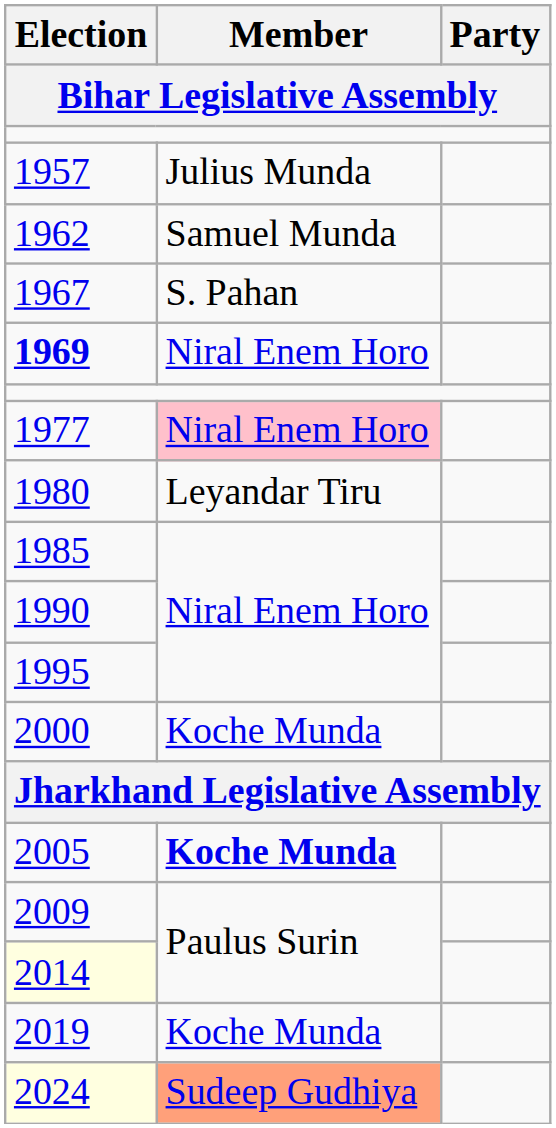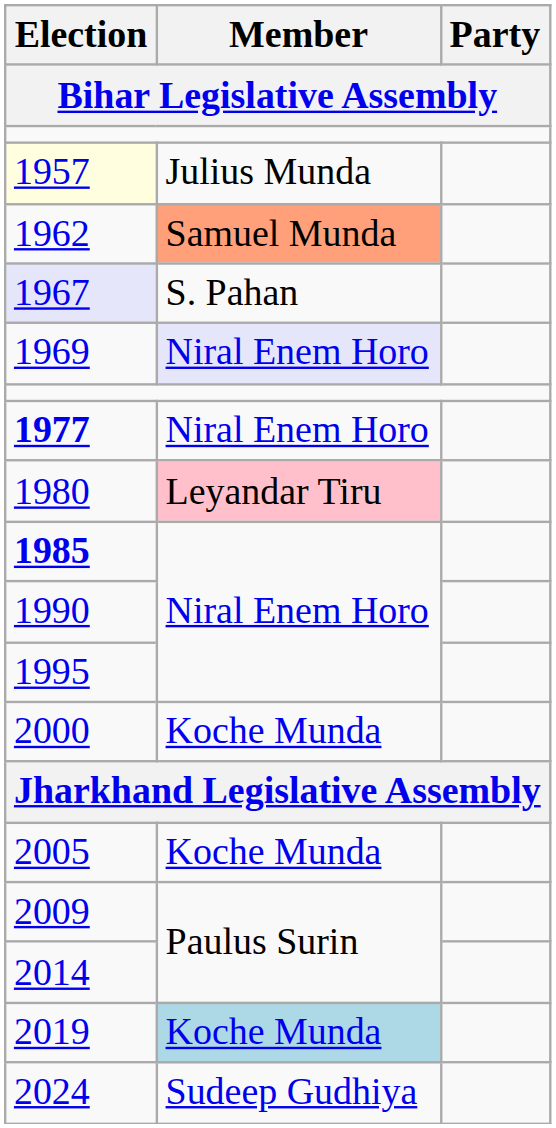 <table class="wikitable sortable">
 <tr>
 <th>Election</th>
 <th>Member</th>
 <th colspan=2>Party</th>
 </tr>
 <tr>
 <th colspan=4><a href='#'>Bihar Legislative Assembly</a></th>
 </tr>
 <tr>
 <td colspan="4"></td>
 </tr>
 <tr>
-<td><a href='#'>1957</a></td>
+<td style="background: lightyellow;"><a href='#'>1957</a></td>
 <td>Julius Munda</td>
 <td></td>
 </tr>
 <tr>
 <td><a href='#'>1962</a></td>
-<td>Samuel Munda</td>
+<td style="background: lightsalmon;">Samuel Munda</td>
 <td></td>
 </tr>
 <tr>
-<td><a href='#'>1967</a></td>
+<td style="background: lavender;"><a href='#'>1967</a></td>
 <td>S. Pahan</td>
 <td></td>
 </tr>
 <tr>
-<td><strong><a href='#'>1969</a></strong></td>
-<td><a href='#'>Niral Enem Horo</a></td>
+<td><a href='#'>1969</a></td>
+<td style="background: lavender;"><a href='#'>Niral Enem Horo</a></td>
 <td></td>
 </tr>
 <tr>
 <td colspan="4"></td>
 </tr>
 <tr>
-<td><a href='#'>1977</a></td>
-<td style="background: pink;"><a href='#'>Niral Enem Horo</a></td>
+<td><strong><a href='#'>1977</a></strong></td>
+<td><a href='#'>Niral Enem Horo</a></td>
 <td></td>
 </tr>
 <tr>
 <td><a href='#'>1980</a></td>
-<td>Leyandar Tiru</td>
+<td style="background: pink;">Leyandar Tiru</td>
 <td></td>
 </tr>
 <tr>
-<td><a href='#'>1985</a></td>
+<td><strong><a href='#'>1985</a></strong></td>
 <td rowspan="3"><a href='#'>Niral Enem Horo</a></td>
 <td></td>
 </tr>
 <tr>
 <td><a href='#'>1990</a></td>
 <td></td>
 </tr>
 <tr>
 <td><a href='#'>1995</a></td>
 <td></td>
 </tr>
 <tr>
 <td><a href='#'>2000</a></td>
 <td><a href='#'>Koche Munda</a></td>
 <td></td>
 </tr>
 <tr>
 <th colspan=4><a href='#'>Jharkhand Legislative Assembly</a></th>
 </tr>
 <tr>
 <td><a href='#'>2005</a></td>
-<td><strong><a href='#'>Koche Munda</a></strong></td>
+<td><a href='#'>Koche Munda</a></td>
 <td></td>
 </tr>
 <tr>
 <td><a href='#'>2009</a></td>
 <td rowspan=2>Paulus Surin</td>
 <td></td>
 </tr>
 <tr>
-<td style="background: lightyellow;"><a href='#'>2014</a></td>
+<td><a href='#'>2014</a></td>
 </tr>
 <tr>
 <td><a href='#'>2019</a></td>
-<td><a href='#'>Koche Munda</a></td>
+<td style="background: lightblue;"><a href='#'>Koche Munda</a></td>
 <td></td>
 </tr>
 <tr>
-<td style="background: lightyellow;"><a href='#'>2024</a></td>
-<td style="background: lightsalmon;"><a href='#'>Sudeep Gudhiya</a></td>
+<td><a href='#'>2024</a></td>
+<td><a href='#'>Sudeep Gudhiya</a></td>
 <td></td>
 </tr>
 </table>
